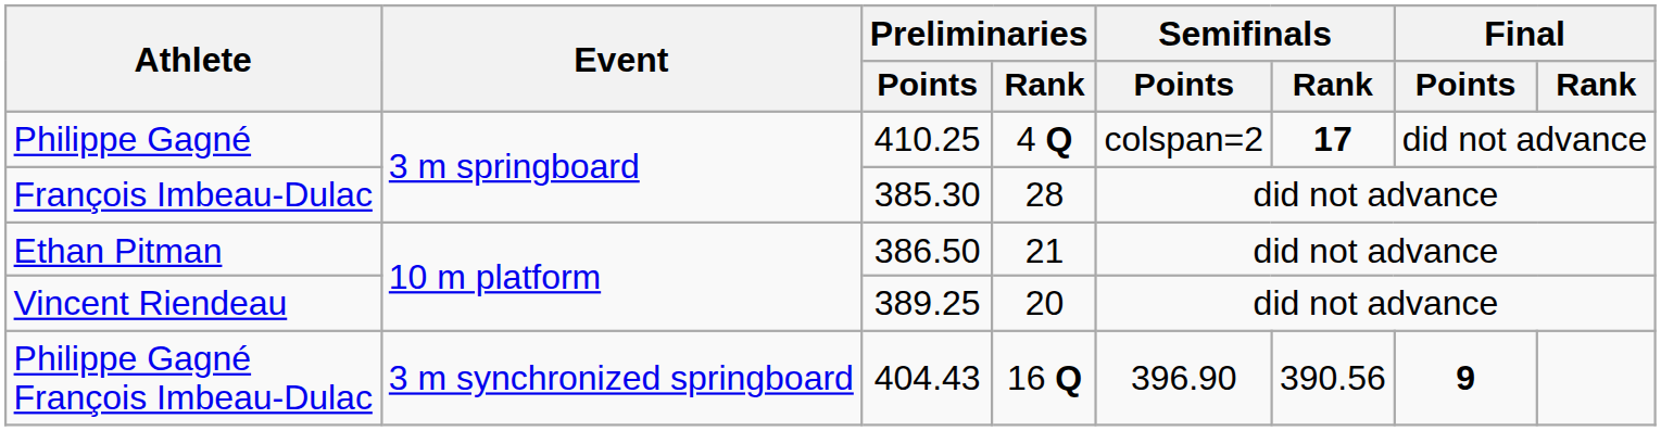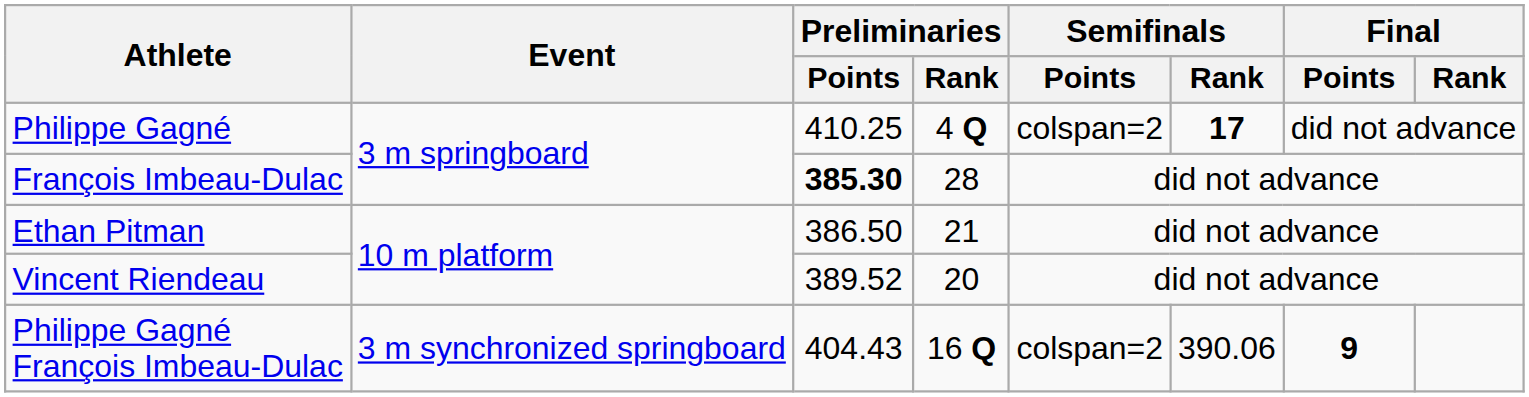 <table class=wikitable style="font-size:90%;">
 <tr>
 <th rowspan="2">Athlete</th>
 <th rowspan="2">Event</th>
 <th colspan="2">Preliminaries</th>
 <th colspan="2">Semifinals</th>
 <th colspan="2">Final</th>
 </tr>
 <tr style="font-size:95%">
 <th>Points</th>
 <th>Rank</th>
 <th>Points</th>
 <th>Rank</th>
 <th>Points</th>
 <th>Rank</th>
 </tr>
 <tr align=center>
 <td align=left><a href='#'>Philippe Gagné</a></td>
 <td align=left rowspan=2><a href='#'>3 m springboard</a></td>
 <td>410.25</td>
 <td>4 <strong>Q</strong></td>
 <td>colspan=2 </td>
 <td><strong>17</strong></td>
 <td colspan=2>did not advance</td>
 </tr>
 <tr align=center>
 <td align=left><a href='#'>François Imbeau-Dulac</a></td>
-<td>385.30</td>
+<td><strong>385.30</strong></td>
 <td>28</td>
 <td colspan=4>did not advance</td>
 </tr>
 <tr align=center>
 <td align=left><a href='#'>Ethan Pitman</a></td>
 <td align=left rowspan=2><a href='#'>10 m platform</a></td>
 <td>386.50</td>
 <td>21</td>
 <td colspan=4>did not advance</td>
 </tr>
 <tr align=center>
 <td align=left><a href='#'>Vincent Riendeau</a></td>
-<td>389.25</td>
+<td>389.52</td>
 <td>20</td>
 <td colspan=4>did not advance</td>
 </tr>
 <tr align=center>
 <td align=left><a href='#'>Philippe Gagné</a><br><a href='#'>François Imbeau-Dulac</a></td>
 <td align=left><a href='#'>3 m synchronized springboard</a></td>
 <td>404.43</td>
 <td>16 <strong>Q</strong></td>
-<td>396.90</td>
-<td>390.56</td>
+<td>colspan=2 </td>
+<td>390.06</td>
 <td><strong>9</strong></td>
 </tr>
 </table>
